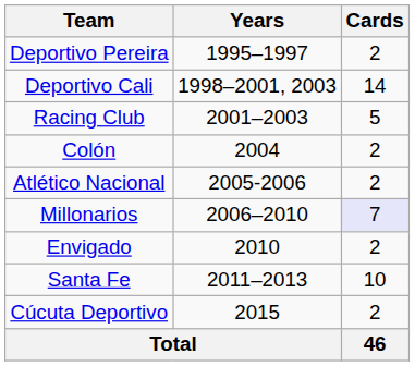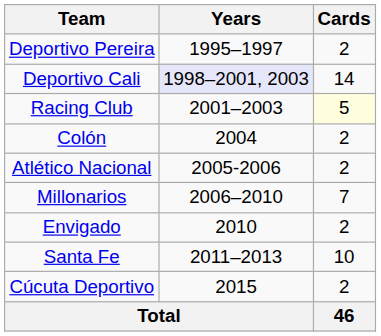 <table class="wikitable" style="text-align:center">
 <tr>
 <th>Team</th>
 <th>Years</th>
 <th>Cards</th>
 </tr>
 <tr>
 <td><a href='#'>Deportivo Pereira</a></td>
 <td>1995–1997</td>
 <td>2</td>
 </tr>
 <tr>
 <td><a href='#'>Deportivo Cali</a></td>
-<td>1998–2001, 2003</td>
+<td style="background: lavender;">1998–2001, 2003</td>
 <td>14</td>
 </tr>
 <tr>
 <td><a href='#'>Racing Club</a></td>
 <td>2001–2003</td>
-<td>5</td>
+<td style="background: lightyellow;">5</td>
 </tr>
 <tr>
 <td><a href='#'>Colón</a></td>
 <td>2004</td>
 <td>2</td>
 </tr>
 <tr>
 <td><a href='#'>Atlético Nacional</a></td>
 <td>2005-2006</td>
 <td>2</td>
 </tr>
 <tr>
 <td><a href='#'>Millonarios</a></td>
 <td>2006–2010</td>
-<td style="background: lavender;">7</td>
+<td>7</td>
 </tr>
 <tr>
 <td><a href='#'>Envigado</a></td>
 <td>2010</td>
 <td>2</td>
 </tr>
 <tr>
 <td><a href='#'>Santa Fe</a></td>
 <td>2011–2013</td>
 <td>10</td>
 </tr>
 <tr>
 <td><a href='#'>Cúcuta Deportivo</a></td>
 <td>2015</td>
 <td>2</td>
 </tr>
 <tr>
 <th colspan=2>Total</th>
 <th>46</th>
 </tr>
 </table>
